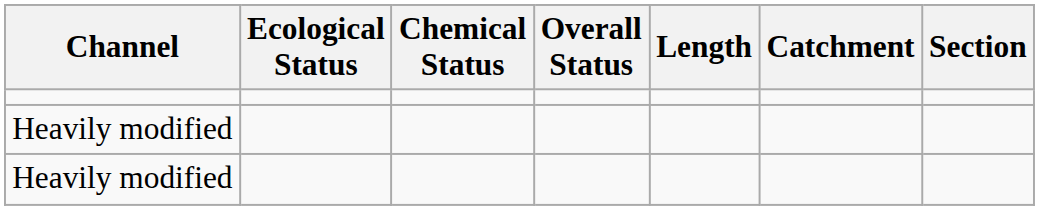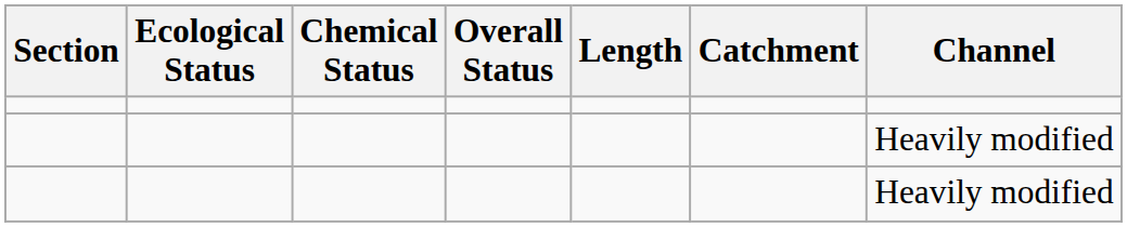 <table class="wikitable">
 <tr>
-<th>Channel</th>
+<th>Section</th>
 <th>Ecological<br>Status</th>
 <th>Chemical<br>Status</th>
 <th>Overall<br>Status</th>
 <th>Length</th>
 <th>Catchment</th>
-<th>Section</th>
+<th>Channel</th>
 </tr>
 <tr>
 <td></td>
 <td></td>
 <td></td>
 <td></td>
 <td></td>
 <td></td>
 <td></td>
 </tr>
 <tr>
-<td>Heavily modified</td>
 <td></td>
 <td></td>
 <td></td>
 <td></td>
 <td></td>
 <td></td>
+<td>Heavily modified</td>
 </tr>
 <tr>
-<td>Heavily modified</td>
 <td></td>
 <td></td>
 <td></td>
 <td></td>
 <td></td>
 <td></td>
+<td>Heavily modified</td>
 </tr>
 </table>
